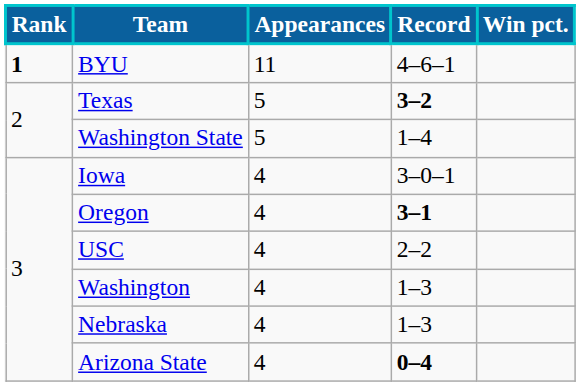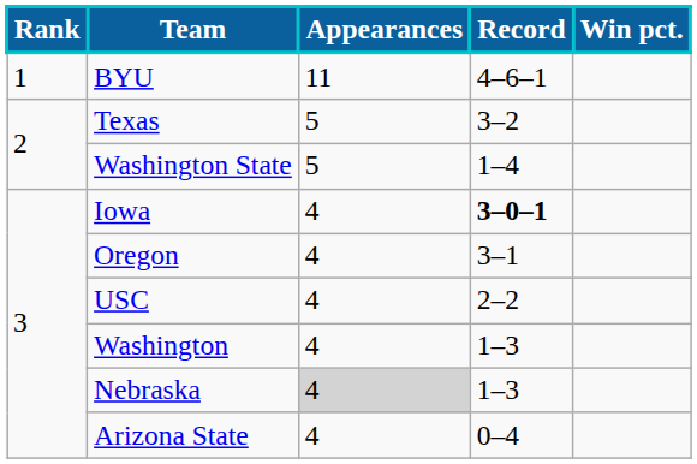 <table class = "wikitable">
 <tr>
 <th style="background:#0A609D; color:#FFFFFF; border: 2px solid #00C5CD;">Rank</th>
 <th style="background:#0A609D; color:#FFFFFF; border: 2px solid #00C5CD;">Team</th>
 <th style="background:#0A609D; color:#FFFFFF; border: 2px solid #00C5CD;">Appearances</th>
 <th style="background:#0A609D; color:#FFFFFF; border: 2px solid #00C5CD;">Record</th>
 <th style="background:#0A609D; color:#FFFFFF; border: 2px solid #00C5CD;">Win pct.</th>
 </tr>
 <tr>
-<td><strong>1</strong></td>
+<td>1</td>
 <td><a href='#'>BYU</a></td>
 <td>11</td>
 <td>4–6–1</td>
 <td></td>
 </tr>
 <tr>
 <td rowspan=2>2</td>
 <td><a href='#'>Texas</a></td>
 <td>5</td>
-<td><strong>3–2</strong></td>
+<td>3–2</td>
 <td></td>
 </tr>
 <tr>
 <td><a href='#'>Washington State</a></td>
 <td>5</td>
 <td>1–4</td>
 <td></td>
 </tr>
 <tr>
 <td rowspan=6>3</td>
 <td><a href='#'>Iowa</a></td>
 <td>4</td>
-<td>3–0–1</td>
+<td><strong>3–0–1</strong></td>
 <td></td>
 </tr>
 <tr>
 <td><a href='#'>Oregon</a></td>
 <td>4</td>
-<td><strong>3–1</strong></td>
+<td>3–1</td>
 <td></td>
 </tr>
 <tr>
 <td><a href='#'>USC</a></td>
 <td>4</td>
 <td>2–2</td>
 <td></td>
 </tr>
 <tr>
 <td><a href='#'>Washington</a></td>
 <td>4</td>
 <td>1–3</td>
 <td></td>
 </tr>
 <tr>
 <td><a href='#'>Nebraska</a></td>
-<td>4</td>
+<td style="background: lightgrey;">4</td>
 <td>1–3</td>
 <td></td>
 </tr>
 <tr>
 <td><a href='#'>Arizona State</a></td>
 <td>4</td>
-<td><strong>0–4</strong></td>
+<td>0–4</td>
 <td></td>
 </tr>
 </table>
